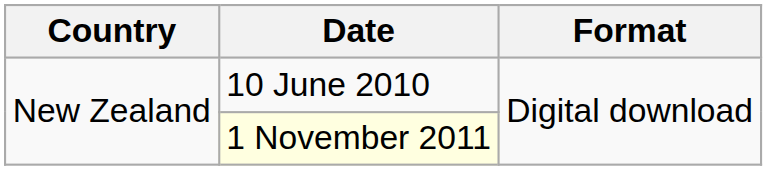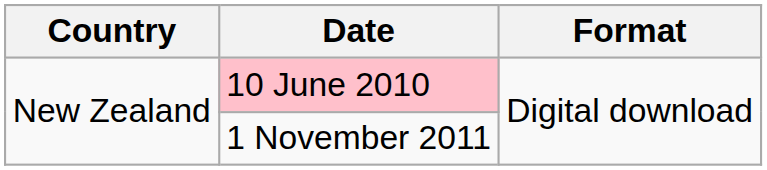 <table class="wikitable plainrowheaders">
 <tr>
 <th scope="col">Country</th>
 <th scope="col">Date</th>
 <th scope="col">Format</th>
 </tr>
 <tr>
 <td rowspan="2">New Zealand</td>
-<td>10 June 2010</td>
+<td style="background: pink;">10 June 2010</td>
 <td rowspan="2">Digital download</td>
 </tr>
 <tr>
-<td style="background: lightyellow;">1 November 2011</td>
+<td>1 November 2011</td>
 </tr>
 </table>
